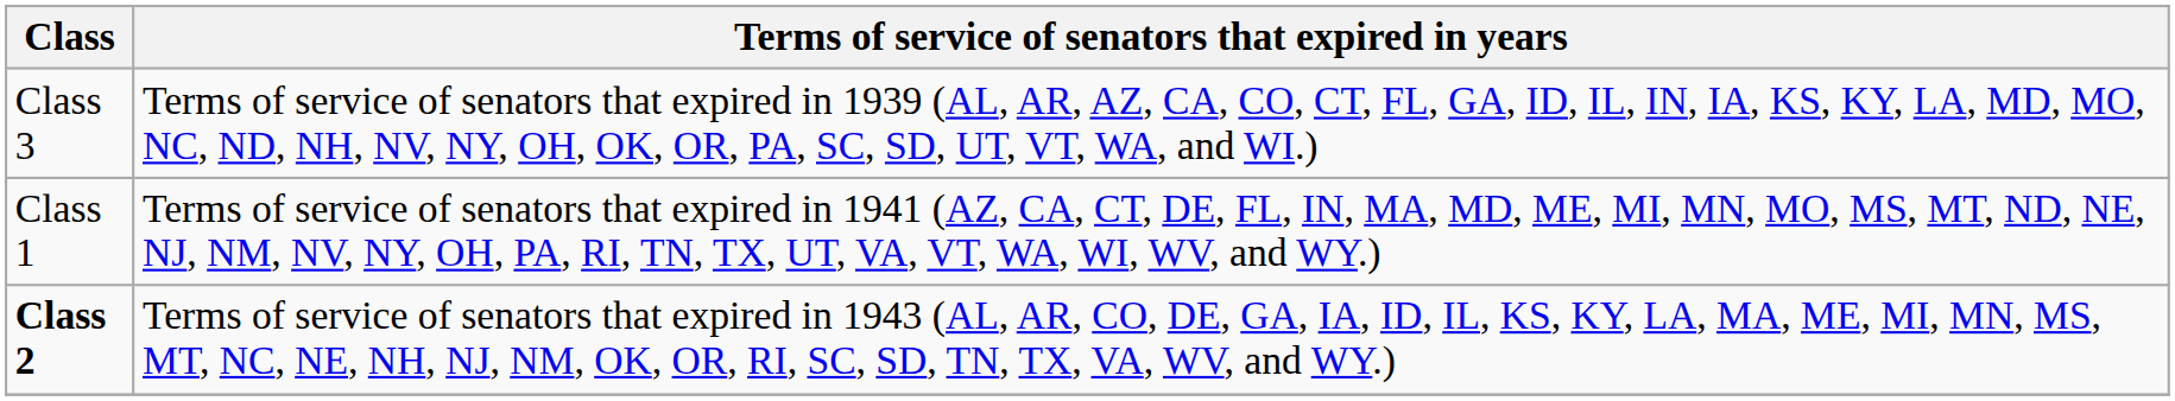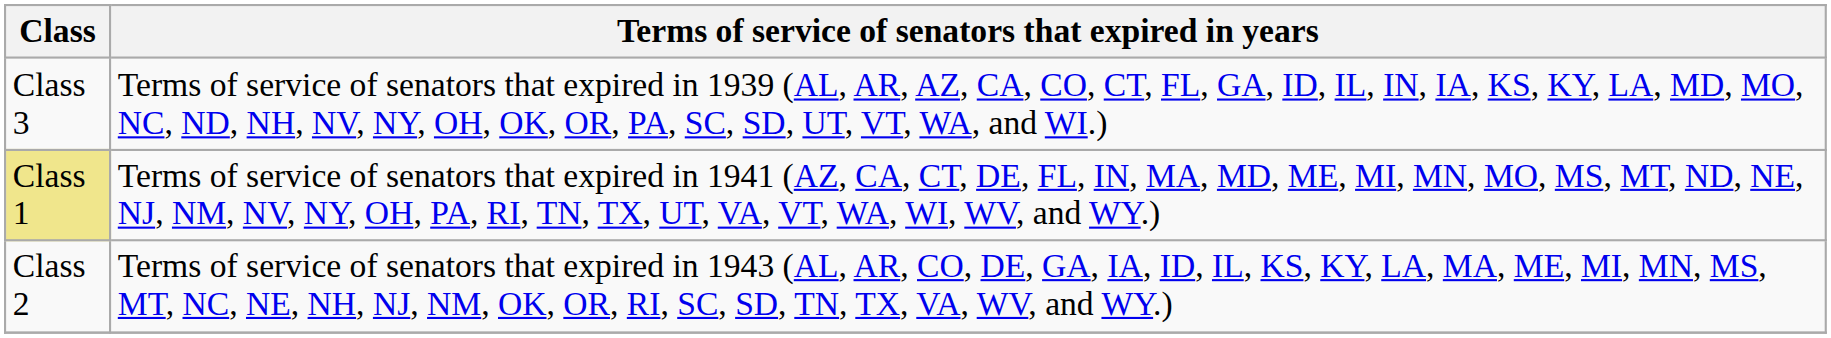 <table class="wikitable sortable">
 <tr valign=bottom>
 <th>Class</th>
 <th>Terms of service of senators that expired in years</th>
 </tr>
 <tr>
 <td>Class 3</td>
 <td>Terms of service of senators that expired in 1939 (<a href='#'>AL</a>, <a href='#'>AR</a>, <a href='#'>AZ</a>, <a href='#'>CA</a>, <a href='#'>CO</a>, <a href='#'>CT</a>, <a href='#'>FL</a>, <a href='#'>GA</a>, <a href='#'>ID</a>, <a href='#'>IL</a>, <a href='#'>IN</a>, <a href='#'>IA</a>, <a href='#'>KS</a>, <a href='#'>KY</a>, <a href='#'>LA</a>, <a href='#'>MD</a>, <a href='#'>MO</a>, <a href='#'>NC</a>, <a href='#'>ND</a>, <a href='#'>NH</a>, <a href='#'>NV</a>, <a href='#'>NY</a>, <a href='#'>OH</a>, <a href='#'>OK</a>, <a href='#'>OR</a>, <a href='#'>PA</a>, <a href='#'>SC</a>, <a href='#'>SD</a>, <a href='#'>UT</a>, <a href='#'>VT</a>, <a href='#'>WA</a>, and <a href='#'>WI</a>.)</td>
 </tr>
 <tr>
-<td>Class 1</td>
+<td style="background: khaki;">Class 1</td>
 <td>Terms of service of senators that expired in 1941 (<a href='#'>AZ</a>, <a href='#'>CA</a>, <a href='#'>CT</a>, <a href='#'>DE</a>, <a href='#'>FL</a>, <a href='#'>IN</a>, <a href='#'>MA</a>, <a href='#'>MD</a>, <a href='#'>ME</a>,  <a href='#'>MI</a>, <a href='#'>MN</a>, <a href='#'>MO</a>, <a href='#'>MS</a>, <a href='#'>MT</a>, <a href='#'>ND</a>, <a href='#'>NE</a>, <a href='#'>NJ</a>, <a href='#'>NM</a>, <a href='#'>NV</a>, <a href='#'>NY</a>, <a href='#'>OH</a>, <a href='#'>PA</a>, <a href='#'>RI</a>, <a href='#'>TN</a>, <a href='#'>TX</a>, <a href='#'>UT</a>, <a href='#'>VA</a>, <a href='#'>VT</a>, <a href='#'>WA</a>, <a href='#'>WI</a>, <a href='#'>WV</a>, and <a href='#'>WY</a>.)</td>
 </tr>
 <tr>
-<td><strong>Class 2</strong></td>
+<td>Class 2</td>
 <td>Terms of service of senators that expired in 1943 (<a href='#'>AL</a>, <a href='#'>AR</a>, <a href='#'>CO</a>, <a href='#'>DE</a>, <a href='#'>GA</a>, <a href='#'>IA</a>, <a href='#'>ID</a>, <a href='#'>IL</a>, <a href='#'>KS</a>, <a href='#'>KY</a>, <a href='#'>LA</a>, <a href='#'>MA</a>, <a href='#'>ME</a>, <a href='#'>MI</a>, <a href='#'>MN</a>, <a href='#'>MS</a>, <a href='#'>MT</a>, <a href='#'>NC</a>, <a href='#'>NE</a>, <a href='#'>NH</a>, <a href='#'>NJ</a>, <a href='#'>NM</a>, <a href='#'>OK</a>, <a href='#'>OR</a>, <a href='#'>RI</a>, <a href='#'>SC</a>, <a href='#'>SD</a>, <a href='#'>TN</a>, <a href='#'>TX</a>, <a href='#'>VA</a>, <a href='#'>WV</a>, and <a href='#'>WY</a>.)</td>
 </tr>
 <tr>
 </tr>
 </table>
